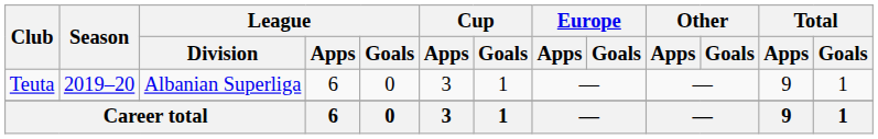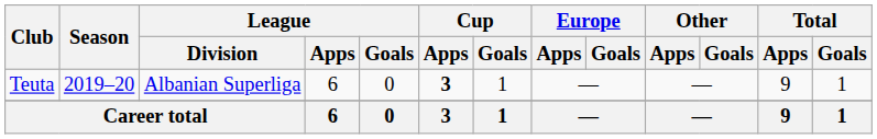 <table class="wikitable" style="text-align:center">
 <tr>
 <th rowspan="2">Club</th>
 <th rowspan="2">Season</th>
 <th colspan="3">League</th>
 <th colspan="2">Cup</th>
 <th colspan="2"><a href='#'>Europe</a></th>
 <th colspan="2">Other</th>
 <th colspan="2">Total</th>
 </tr>
 <tr>
 <th>Division</th>
 <th>Apps</th>
 <th>Goals</th>
 <th>Apps</th>
 <th>Goals</th>
 <th>Apps</th>
 <th>Goals</th>
 <th>Apps</th>
 <th>Goals</th>
 <th>Apps</th>
 <th>Goals</th>
 </tr>
 <tr>
 <td rowspan="1" valign="center"><a href='#'>Teuta</a></td>
 <td><a href='#'>2019–20</a></td>
 <td rowspan="1"><a href='#'>Albanian Superliga</a></td>
 <td>6</td>
 <td>0</td>
-<td>3</td>
+<td><strong>3</strong></td>
 <td>1</td>
 <td colspan="2">—</td>
 <td colspan="2">—</td>
 <td>9</td>
 <td>1</td>
 </tr>
 <tr>
 </tr>
 <tr>
 <th colspan="3">Career total</th>
 <th>6</th>
 <th>0</th>
 <th>3</th>
 <th>1</th>
 <th colspan="2">—</th>
 <th colspan="2">—</th>
 <th>9</th>
 <th>1</th>
 </tr>
 </table>
